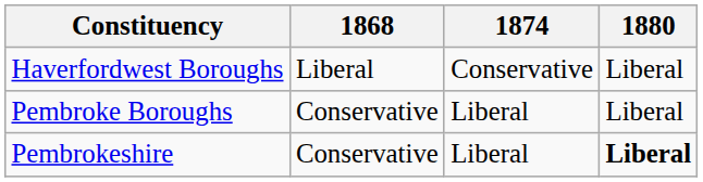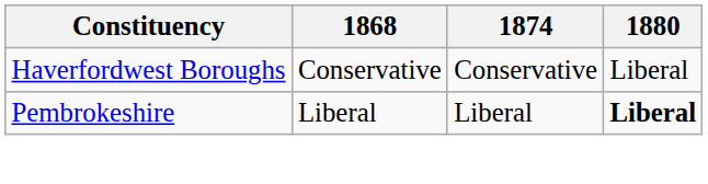 <table class="wikitable">
 <tr>
 <th>Constituency</th>
 <th>1868</th>
 <th>1874</th>
 <th>1880</th>
 </tr>
 <tr>
 <td><a href='#'>Haverfordwest Boroughs</a></td>
-<td>Liberal</td>
+<td>Conservative</td>
 <td>Conservative</td>
 <td>Liberal</td>
 </tr>
 <tr>
-<td><a href='#'>Pembroke Boroughs</a></td>
-<td>Conservative</td>
+<td><a href='#'>Pembrokeshire</a></td>
 <td>Liberal</td>
-<td>Liberal</td>
-</tr>
-<tr>
-<td><a href='#'>Pembrokeshire</a></td>
-<td>Conservative</td>
 <td>Liberal</td>
 <td><strong>Liberal</strong></td>
 </tr>
 </table>
